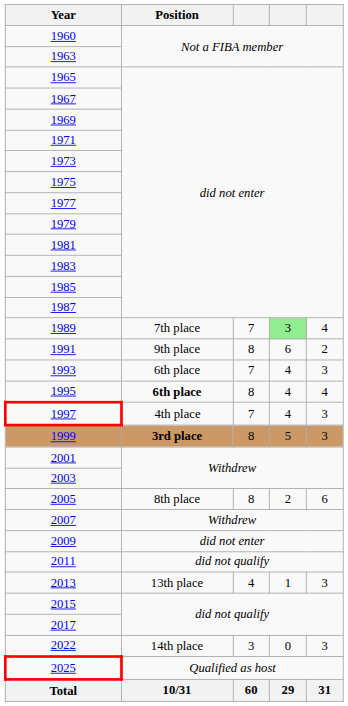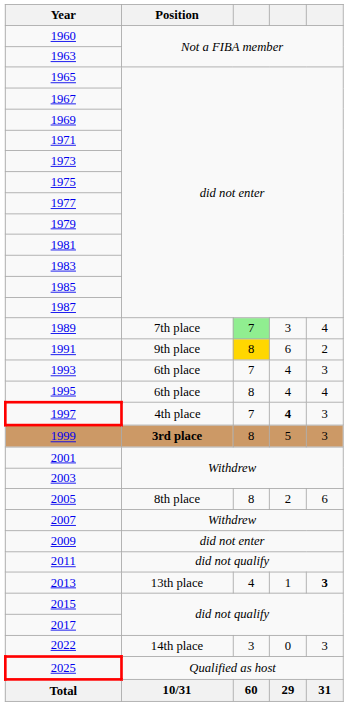 <table class="wikitable" style="text-align: center;font-size:90%;">
 <tr>
 <th width=125>Year</th>
 <th width=120>Position</th>
 <th width=35></th>
 <th width=35></th>
 <th width=35></th>
 </tr>
 <tr>
 <td> <a href='#'>1960</a></td>
 <td rowspan=2 colspan=4><em>Not a FIBA member</em></td>
 </tr>
 <tr>
 <td> <a href='#'>1963</a></td>
 </tr>
 <tr>
 <td> <a href='#'>1965</a></td>
 <td rowspan=12 colspan=4><em>did not enter</em></td>
 </tr>
 <tr>
 <td> <a href='#'>1967</a></td>
 </tr>
 <tr>
 <td> <a href='#'>1969</a></td>
 </tr>
 <tr>
 <td> <a href='#'>1971</a></td>
 </tr>
 <tr>
 <td> <a href='#'>1973</a></td>
 </tr>
 <tr>
 <td> <a href='#'>1975</a></td>
 </tr>
 <tr>
 <td> <a href='#'>1977</a></td>
 </tr>
 <tr>
 <td> <a href='#'>1979</a></td>
 </tr>
 <tr>
 <td> <a href='#'>1981</a></td>
 </tr>
 <tr>
 <td> <a href='#'>1983</a></td>
 </tr>
 <tr>
 <td> <a href='#'>1985</a></td>
 </tr>
 <tr>
 <td> <a href='#'>1987</a></td>
 </tr>
 <tr>
 <td> <a href='#'>1989</a></td>
 <td>7th place</td>
-<td>7</td>
-<td style="background: lightgreen;">3</td>
+<td style="background: lightgreen;">7</td>
+<td>3</td>
 <td>4</td>
 </tr>
 <tr>
 <td> <a href='#'>1991</a></td>
 <td>9th place</td>
-<td>8</td>
+<td style="background: gold;">8</td>
 <td>6</td>
 <td>2</td>
 </tr>
 <tr>
 <td> <a href='#'>1993</a></td>
 <td>6th place</td>
 <td>7</td>
 <td>4</td>
 <td>3</td>
 </tr>
 <tr>
 <td> <a href='#'>1995</a></td>
-<td><strong>6th place</strong></td>
+<td>6th place</td>
 <td>8</td>
 <td>4</td>
 <td>4</td>
 </tr>
 <tr>
 <td style="border: 3px solid red"> <a href='#'>1997</a></td>
 <td>4th place</td>
 <td>7</td>
-<td>4</td>
+<td><strong>4</strong></td>
 <td>3</td>
 </tr>
 <tr bgcolor=#cc9966>
 <td> <a href='#'>1999</a></td>
 <td><strong>3rd place</strong></td>
 <td>8</td>
 <td>5</td>
 <td>3</td>
 </tr>
 <tr>
 <td> <a href='#'>2001</a></td>
 <td rowspan=2 colspan=4><em>Withdrew</em></td>
 </tr>
 <tr>
 <td> <a href='#'>2003</a></td>
 </tr>
 <tr>
 <td> <a href='#'>2005</a></td>
 <td>8th place</td>
 <td>8</td>
 <td>2</td>
 <td>6</td>
 </tr>
 <tr>
 <td> <a href='#'>2007</a></td>
 <td colspan=4><em>Withdrew</em></td>
 </tr>
 <tr>
 <td> <a href='#'>2009</a></td>
 <td colspan=4><em>did not enter</em></td>
 </tr>
 <tr>
 <td> <a href='#'>2011</a></td>
 <td colspan=4><em>did not qualify</em></td>
 </tr>
 <tr>
 <td> <a href='#'>2013</a></td>
 <td>13th place</td>
 <td>4</td>
 <td>1</td>
-<td>3</td>
+<td><strong>3</strong></td>
 </tr>
 <tr>
 <td> <a href='#'>2015</a></td>
 <td rowspan=2 colspan=4><em>did not qualify</em></td>
 </tr>
 <tr>
 <td> <a href='#'>2017</a></td>
 </tr>
 <tr>
 <td> <a href='#'>2022</a></td>
 <td>14th place</td>
 <td>3</td>
 <td>0</td>
 <td>3</td>
 </tr>
 <tr>
 <td style="border: 3px solid red"> <a href='#'>2025</a></td>
 <td colspan=4><em>Qualified as host</em></td>
 </tr>
 <tr>
 <th>Total</th>
 <th>10/31</th>
 <th>60</th>
 <th>29</th>
 <th>31</th>
 </tr>
 </table>
